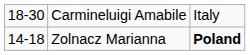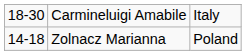 <table class="wikitable">
 <tr>
 <td>18-30</td>
 <td>Carmineluigi Amabile</td>
 <td>Italy</td>
 </tr>
 <tr>
 <td>14-18</td>
 <td>Zolnacz Marianna</td>
-<td><strong>Poland</strong></td>
+<td>Poland</td>
 </tr>
 </table>
